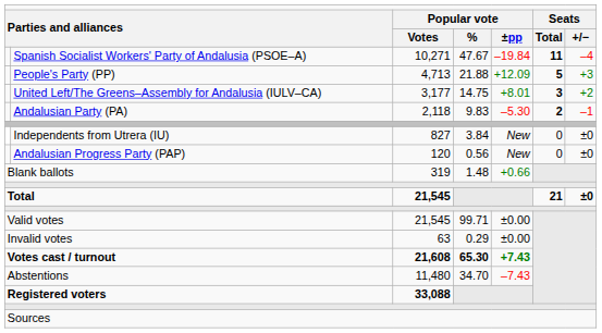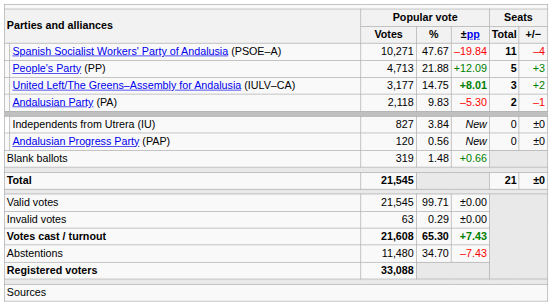 <table class="wikitable" style="text-align:right;">
 <tr>
 <td colspan="7"></td>
 </tr>
 <tr>
 <th style="text-align:left;" rowspan="2" colspan="2" width="525">Parties and alliances</th>
 <th colspan="3">Popular vote</th>
 <th colspan="2">Seats</th>
 </tr>
 <tr>
 <th width="75">Votes</th>
 <th width="45">%</th>
 <th width="45">±<a href='#'>pp</a></th>
 <th width="35">Total</th>
 <th width="35">+/−</th>
 </tr>
 <tr>
 <td width="1" style="color:inherit;background:"></td>
 <td align="left"><a href='#'>Spanish Socialist Workers' Party of Andalusia</a> (PSOE–A)</td>
 <td>10,271</td>
 <td>47.67</td>
 <td style="color:red;">–19.84</td>
 <td><strong>11</strong></td>
 <td style="color:red;">–4</td>
 </tr>
 <tr>
 <td style="color:inherit;background:"></td>
 <td align="left"><a href='#'>People's Party</a> (PP)</td>
 <td>4,713</td>
 <td>21.88</td>
 <td style="color:green;">+12.09</td>
 <td><strong>5</strong></td>
 <td style="color:green;">+3</td>
 </tr>
 <tr>
 <td style="color:inherit;background:"></td>
 <td align="left"><a href='#'>United Left/The Greens–Assembly for Andalusia</a> (IULV–CA)</td>
 <td>3,177</td>
 <td>14.75</td>
-<td style="color:green;">+8.01</td>
+<td style="color:green;"><strong>+8.01</strong></td>
 <td><strong>3</strong></td>
 <td style="color:green;">+2</td>
 </tr>
 <tr>
 <td style="color:inherit;background:"></td>
 <td align="left"><a href='#'>Andalusian Party</a> (PA)</td>
 <td>2,118</td>
 <td>9.83</td>
 <td style="color:red;">–5.30</td>
 <td><strong>2</strong></td>
 <td style="color:red;">–1</td>
 </tr>
 <tr>
 <td colspan="7" bgcolor="#C0C0C0"></td>
 </tr>
 <tr>
 <td bgcolor="white"></td>
 <td align="left">Independents from Utrera (IU)</td>
 <td>827</td>
 <td>3.84</td>
 <td><em>New</em></td>
 <td>0</td>
 <td>±0</td>
 </tr>
 <tr>
 <td style="color:inherit;background:"></td>
 <td align="left"><a href='#'>Andalusian Progress Party</a> (PAP)</td>
 <td>120</td>
 <td>0.56</td>
 <td><em>New</em></td>
 <td>0</td>
 <td>±0</td>
 </tr>
 <tr>
 <td align="left" colspan="2">Blank ballots</td>
 <td>319</td>
 <td>1.48</td>
 <td style="color:green;">+0.66</td>
 <td bgcolor="#E9E9E9" colspan="2"></td>
 </tr>
 <tr>
 <td colspan="7" bgcolor="#E9E9E9"></td>
 </tr>
 <tr style="font-weight:bold;">
 <td align="left" colspan="2">Total</td>
 <td>21,545</td>
 <td bgcolor="#E9E9E9" colspan="2"></td>
 <td>21</td>
 <td>±0</td>
 </tr>
 <tr>
 <td colspan="7" bgcolor="#E9E9E9"></td>
 </tr>
 <tr>
 <td align="left" colspan="2">Valid votes</td>
 <td>21,545</td>
 <td>99.71</td>
 <td>±0.00</td>
 <td bgcolor="#E9E9E9" colspan="2" rowspan="5"></td>
 </tr>
 <tr>
 <td align="left" colspan="2">Invalid votes</td>
 <td>63</td>
 <td>0.29</td>
 <td>±0.00</td>
 </tr>
 <tr style="font-weight:bold;">
 <td align="left" colspan="2">Votes cast / turnout</td>
 <td>21,608</td>
 <td>65.30</td>
 <td style="color:green;">+7.43</td>
 </tr>
 <tr>
 <td align="left" colspan="2">Abstentions</td>
 <td>11,480</td>
 <td>34.70</td>
 <td style="color:red;">–7.43</td>
 </tr>
 <tr style="font-weight:bold;">
 <td align="left" colspan="2">Registered voters</td>
 <td>33,088</td>
 <td bgcolor="#E9E9E9" colspan="2"></td>
 </tr>
 <tr>
 <td colspan="7" bgcolor="#E9E9E9"></td>
 </tr>
 <tr>
 <td align="left" colspan="7">Sources</td>
 </tr>
 </table>
